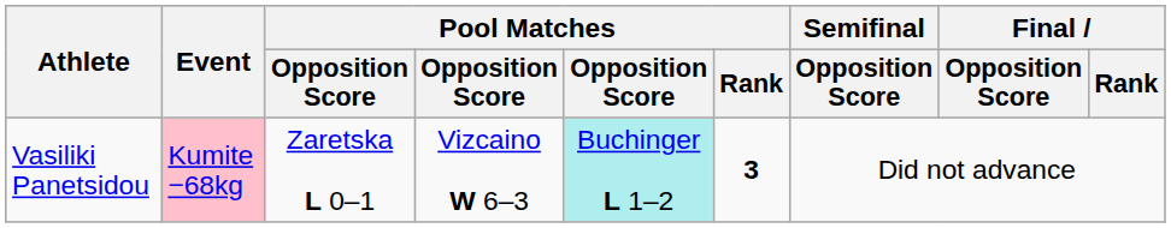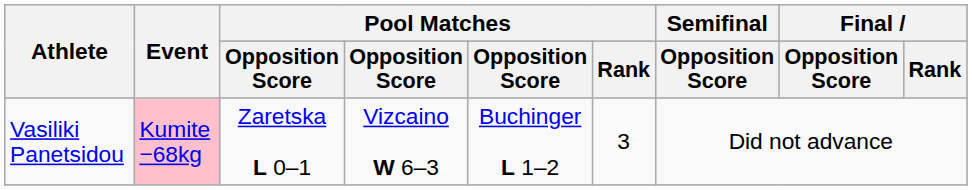 <table class="wikitable" style="font-size:90%">
 <tr>
 <th rowspan=2>Athlete</th>
 <th rowspan=2>Event</th>
 <th colspan=4>Pool Matches</th>
 <th>Semifinal</th>
 <th colspan=2>Final / </th>
 </tr>
 <tr style="font-size:95%">
 <th>Opposition<br>Score</th>
 <th>Opposition<br>Score</th>
 <th>Opposition<br>Score</th>
 <th>Rank</th>
 <th>Opposition<br>Score</th>
 <th>Opposition<br>Score</th>
 <th>Rank</th>
 </tr>
 <tr align=center>
 <td align=left><a href='#'>Vasiliki Panetsidou</a></td>
 <td align=left style="background: pink;"><a href='#'>Kumite −68kg</a></td>
 <td><a href='#'>Zaretska</a><br><br><strong>L</strong> 0–1</td>
 <td><a href='#'>Vizcaino</a><br><br><strong>W</strong> 6–3</td>
-<td style="background: paleturquoise;"><a href='#'>Buchinger</a><br><br><strong>L</strong> 1–2</td>
-<td><strong>3</strong></td>
+<td><a href='#'>Buchinger</a><br><br><strong>L</strong> 1–2</td>
+<td>3</td>
 <td colspan=3>Did not advance</td>
 </tr>
 </table>
